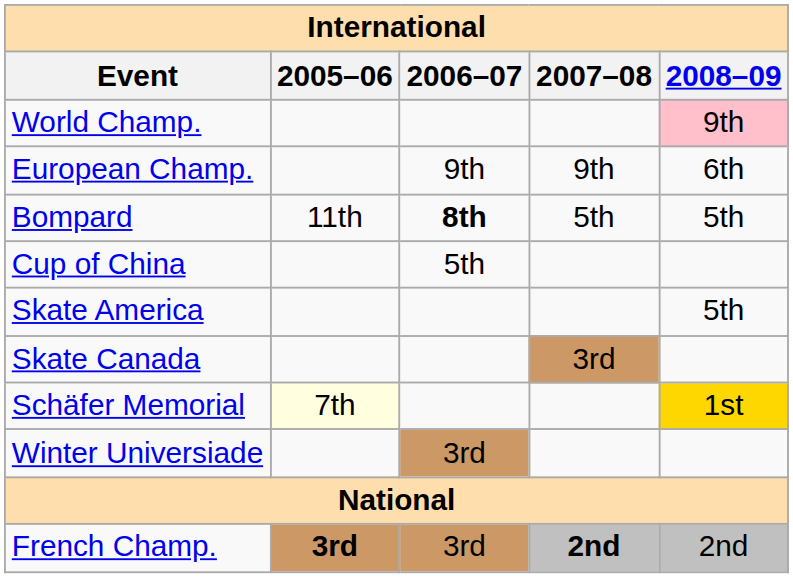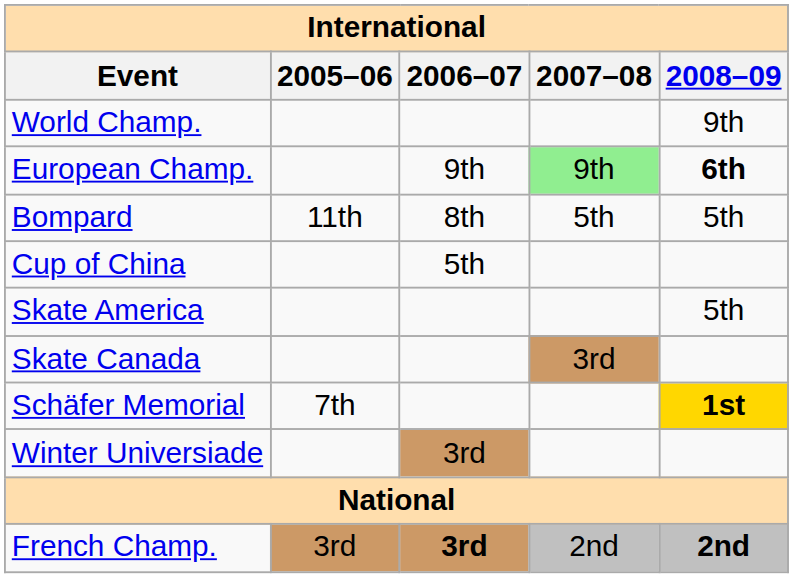 <table class="wikitable" style="text-align:center">
 <tr>
 <th style="background-color: #ffdead; " colspan=5 align=center>International</th>
 </tr>
 <tr>
 <th>Event</th>
 <th>2005–06</th>
 <th>2006–07</th>
 <th>2007–08</th>
 <th><a href='#'>2008–09</a></th>
 </tr>
 <tr>
 <td align=left><a href='#'>World Champ.</a></td>
 <td></td>
 <td></td>
 <td></td>
-<td style="background: pink;">9th</td>
+<td>9th</td>
 </tr>
 <tr>
 <td align=left><a href='#'>European Champ.</a></td>
 <td></td>
 <td>9th</td>
-<td>9th</td>
-<td>6th</td>
+<td style="background: lightgreen;">9th</td>
+<td><strong>6th</strong></td>
 </tr>
 <tr>
 <td align=left> <a href='#'>Bompard</a></td>
 <td>11th</td>
-<td><strong>8th</strong></td>
+<td>8th</td>
 <td>5th</td>
 <td>5th</td>
 </tr>
 <tr>
 <td align=left>  <a href='#'>Cup of China</a></td>
 <td></td>
 <td>5th</td>
 <td></td>
 <td></td>
 </tr>
 <tr>
 <td align=left> <a href='#'>Skate America</a></td>
 <td></td>
 <td></td>
 <td></td>
 <td>5th</td>
 </tr>
 <tr>
 <td align=left> <a href='#'>Skate Canada</a></td>
 <td></td>
 <td></td>
 <td bgcolor=cc9966>3rd</td>
 <td></td>
 </tr>
 <tr>
 <td align=left><a href='#'>Schäfer Memorial</a></td>
-<td style="background: lightyellow;">7th</td>
+<td>7th</td>
 <td></td>
 <td></td>
-<td bgcolor=gold>1st</td>
+<td bgcolor=gold><strong>1st</strong></td>
 </tr>
 <tr>
 <td align=left><a href='#'>Winter Universiade</a></td>
 <td></td>
 <td bgcolor=cc9966>3rd</td>
 <td></td>
 <td></td>
 </tr>
 <tr>
 <th style="background-color: #ffdead; " colspan=5 align=center>National</th>
 </tr>
 <tr>
 <td align=left><a href='#'>French Champ.</a></td>
+<td bgcolor=cc9966>3rd</td>
 <td bgcolor=cc9966><strong>3rd</strong></td>
-<td bgcolor=cc9966>3rd</td>
+<td bgcolor=silver>2nd</td>
 <td bgcolor=silver><strong>2nd</strong></td>
-<td bgcolor=silver>2nd</td>
 </tr>
 </table>
